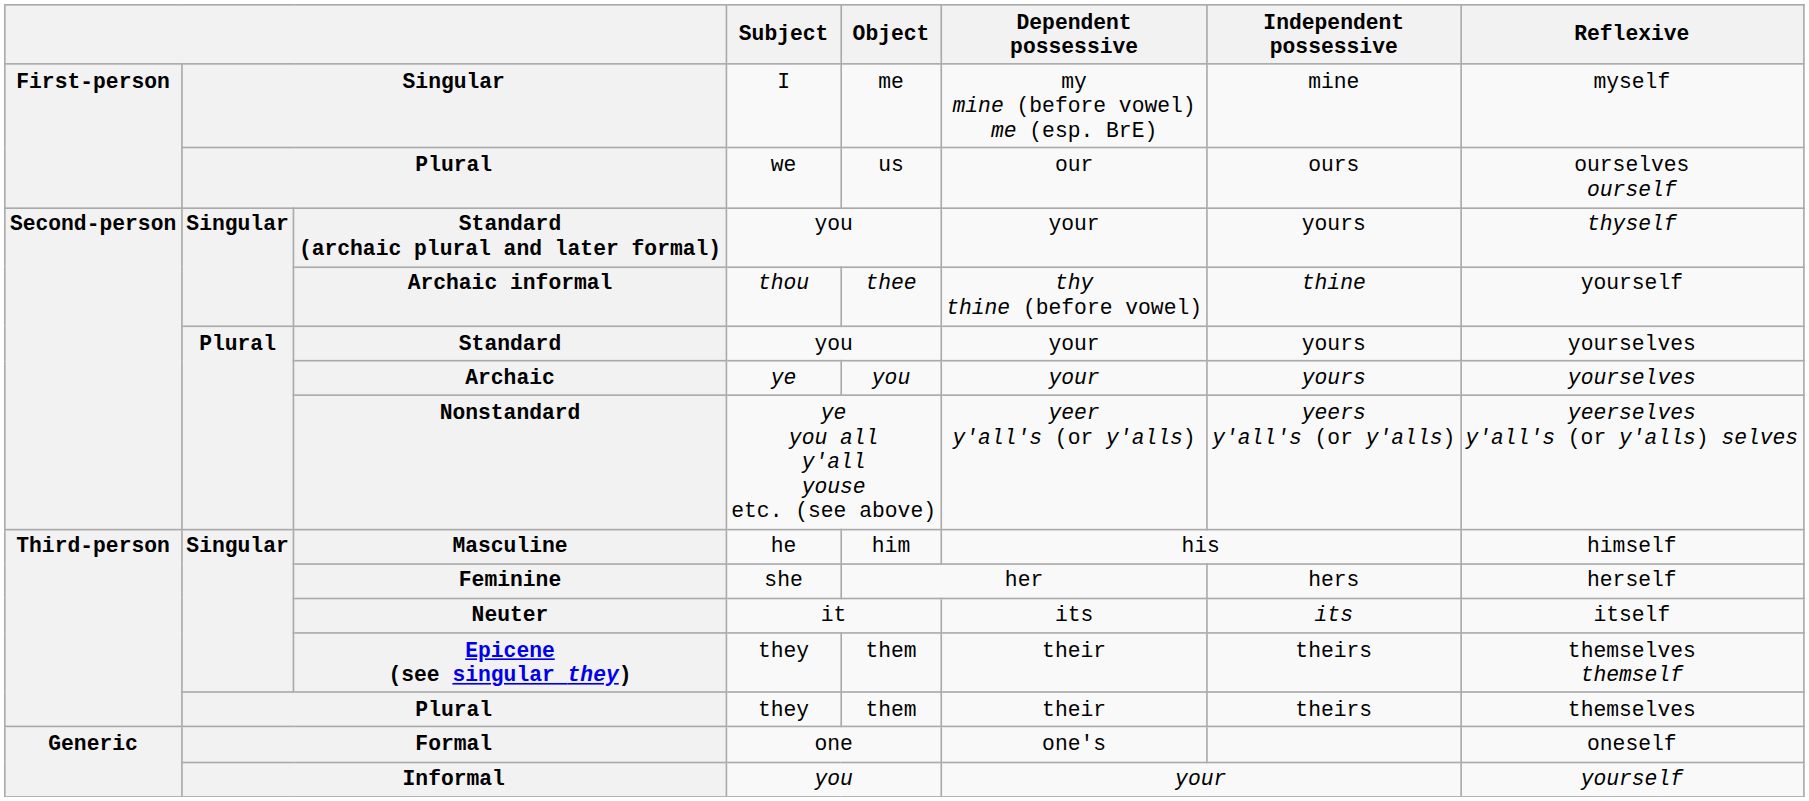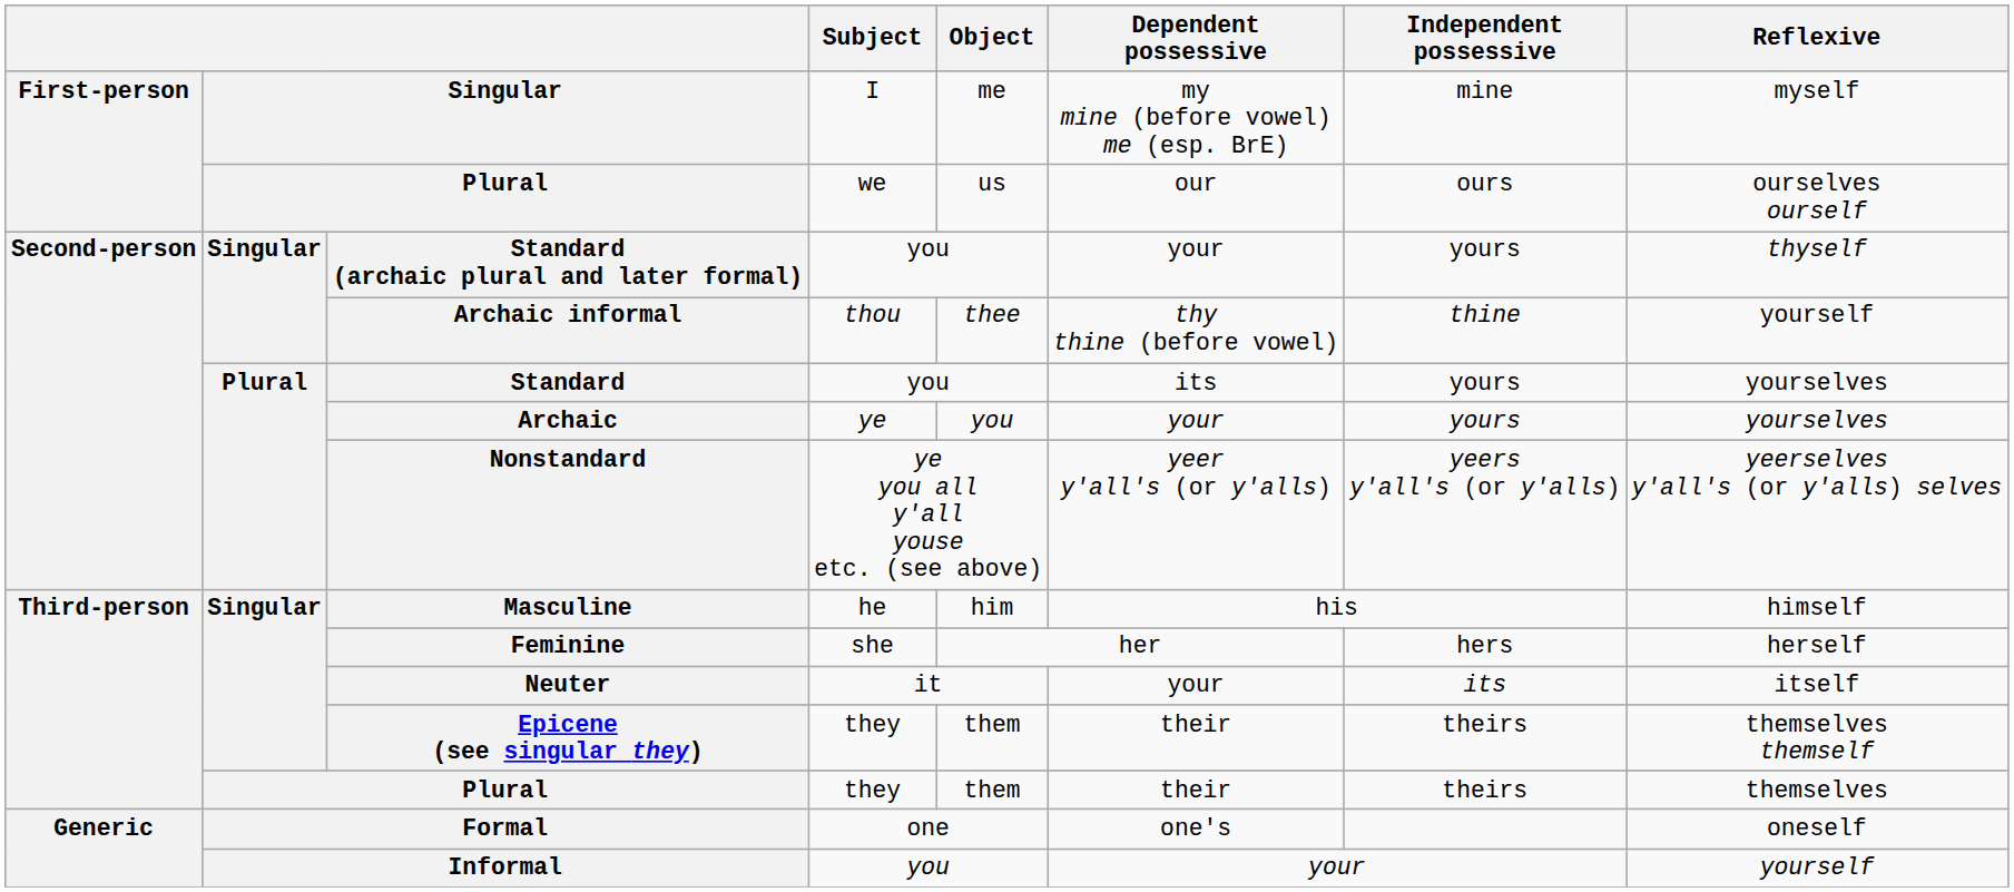 <table class="wikitable" style="text-align:center">
 <tr>
 <th colspan="3"></th>
 <th>Subject</th>
 <th>Object</th>
 <th>Dependent<br>possessive</th>
 <th>Independent<br>possessive</th>
 <th>Reflexive</th>
 </tr>
 <tr valign="top">
 <th rowspan=2>First-person</th>
 <th colspan=2>Singular</th>
 <td>I</td>
 <td>me</td>
 <td>my<br><em>mine</em> (before vowel)<br><em>me</em> (esp. BrE)</td>
 <td>mine</td>
 <td>myself</td>
 </tr>
 <tr valign="top">
 <th colspan=2>Plural</th>
 <td>we</td>
 <td>us</td>
 <td>our</td>
 <td>ours</td>
 <td>ourselves<br><em>ourself</em></td>
 </tr>
 <tr valign="top">
 <th rowspan=5>Second-person</th>
 <th rowspan=2>Singular</th>
 <th>Standard<br>(archaic plural and later formal)</th>
 <td colspan="2">you</td>
 <td>your</td>
 <td>yours</td>
 <td><em>thyself</em></td>
 </tr>
 <tr valign="top">
 <th>Archaic informal</th>
 <td><em>thou</em></td>
 <td><em>thee</em></td>
 <td><em>thy</em><br><em>thine</em> (before vowel)</td>
 <td><em>thine</em></td>
 <td>yourself</td>
 </tr>
 <tr valign="top">
 <th rowspan=3>Plural</th>
 <th>Standard</th>
 <td colspan="2">you</td>
-<td>your</td>
+<td>its</td>
 <td>yours</td>
 <td>yourselves</td>
 </tr>
 <tr valign="top">
 <th>Archaic</th>
 <td><em>ye</em></td>
 <td><em>you</em></td>
 <td><em>your</em></td>
 <td><em>yours</em></td>
 <td><em>yourselves</em></td>
 </tr>
 <tr valign="top">
 <th>Nonstandard</th>
 <td colspan="2"><em>ye</em><br><em>you all</em><br><em>y'all</em><br><em>youse</em><br>etc. (see above)</td>
 <td><em>yeer</em><br><em>y'all's</em> (or <em>y'alls</em>)</td>
 <td><em>yeers</em><br><em>y'all's</em> (or <em>y'alls</em>)</td>
 <td><em>yeerselves</em><br><em>y'all's</em> (or <em>y'alls</em>) <em>selves</em></td>
 </tr>
 <tr valign="top">
 <th rowspan=5>Third-person</th>
 <th rowspan=4>Singular</th>
 <th>Masculine</th>
 <td>he</td>
 <td>him</td>
 <td colspan="2">his</td>
 <td>himself</td>
 </tr>
 <tr valign="top">
 <th>Feminine</th>
 <td>she</td>
 <td colspan="2">her</td>
 <td>hers</td>
 <td>herself</td>
 </tr>
 <tr valign="top">
 <th>Neuter</th>
 <td colspan="2">it</td>
-<td>its</td>
+<td>your</td>
 <td><em>its</em></td>
 <td>itself</td>
 </tr>
 <tr valign="top">
 <th><a href='#'>Epicene</a><br>(see <a href='#'>singular <em>they</em></a>)</th>
 <td>they</td>
 <td>them</td>
 <td>their</td>
 <td>theirs</td>
 <td>themselves<br><em>themself</em></td>
 </tr>
 <tr valign="top">
 <th colspan=2>Plural</th>
 <td>they</td>
 <td>them</td>
 <td>their</td>
 <td>theirs</td>
 <td>themselves</td>
 </tr>
 <tr valign="top">
 <th rowspan=2>Generic</th>
 <th colspan=2>Formal</th>
 <td colspan="2">one</td>
 <td>one's</td>
 <td></td>
 <td>oneself</td>
 </tr>
 <tr valign="top">
 <th colspan=2>Informal</th>
 <td colspan="2"><em>you</em></td>
 <td colspan="2"><em>your</em></td>
 <td><em>yourself</em></td>
 </tr>
 </table>
